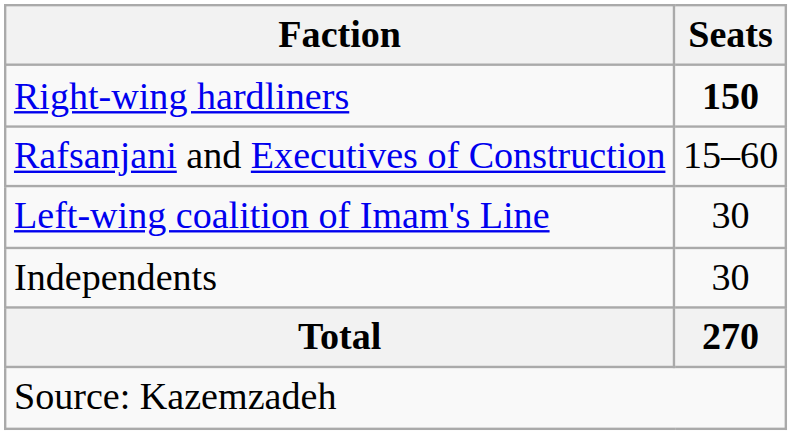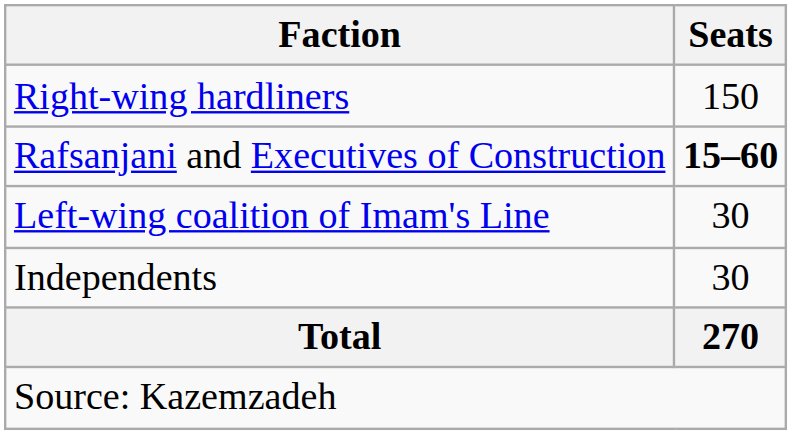 <table class=wikitable style=text-align:center>
 <tr>
 <th>Faction</th>
 <th>Seats</th>
 </tr>
 <tr>
 <td align=left><a href='#'>Right-wing hardliners</a></td>
-<td><strong>150</strong></td>
+<td>150</td>
 </tr>
 <tr>
 <td align=left><a href='#'>Rafsanjani</a> and <a href='#'>Executives of Construction</a></td>
-<td>15–60</td>
+<td><strong>15–60</strong></td>
 </tr>
 <tr>
 <td align=left><a href='#'>Left-wing coalition of Imam's Line</a></td>
 <td>30</td>
 </tr>
 <tr>
 <td align=left>Independents</td>
 <td>30</td>
 </tr>
 <tr>
 <th align=left><strong>Total</strong></th>
 <th><strong>270</strong></th>
 </tr>
 <tr>
 <td colspan=4 align=left>Source: Kazemzadeh</td>
 </tr>
 </table>
